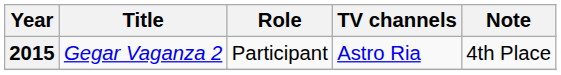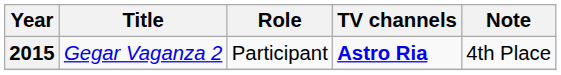 <table class="wikitable">
 <tr>
 <th>Year</th>
 <th>Title</th>
 <th>Role</th>
 <th>TV channels</th>
 <th>Note</th>
 </tr>
 <tr>
 <th>2015</th>
 <td><em><a href='#'>Gegar Vaganza 2</a></em></td>
 <td>Participant</td>
-<td><a href='#'>Astro Ria</a></td>
+<td><strong><a href='#'>Astro Ria</a></strong></td>
 <td>4th Place</td>
 </tr>
 <tr>
 </tr>
 </table>
